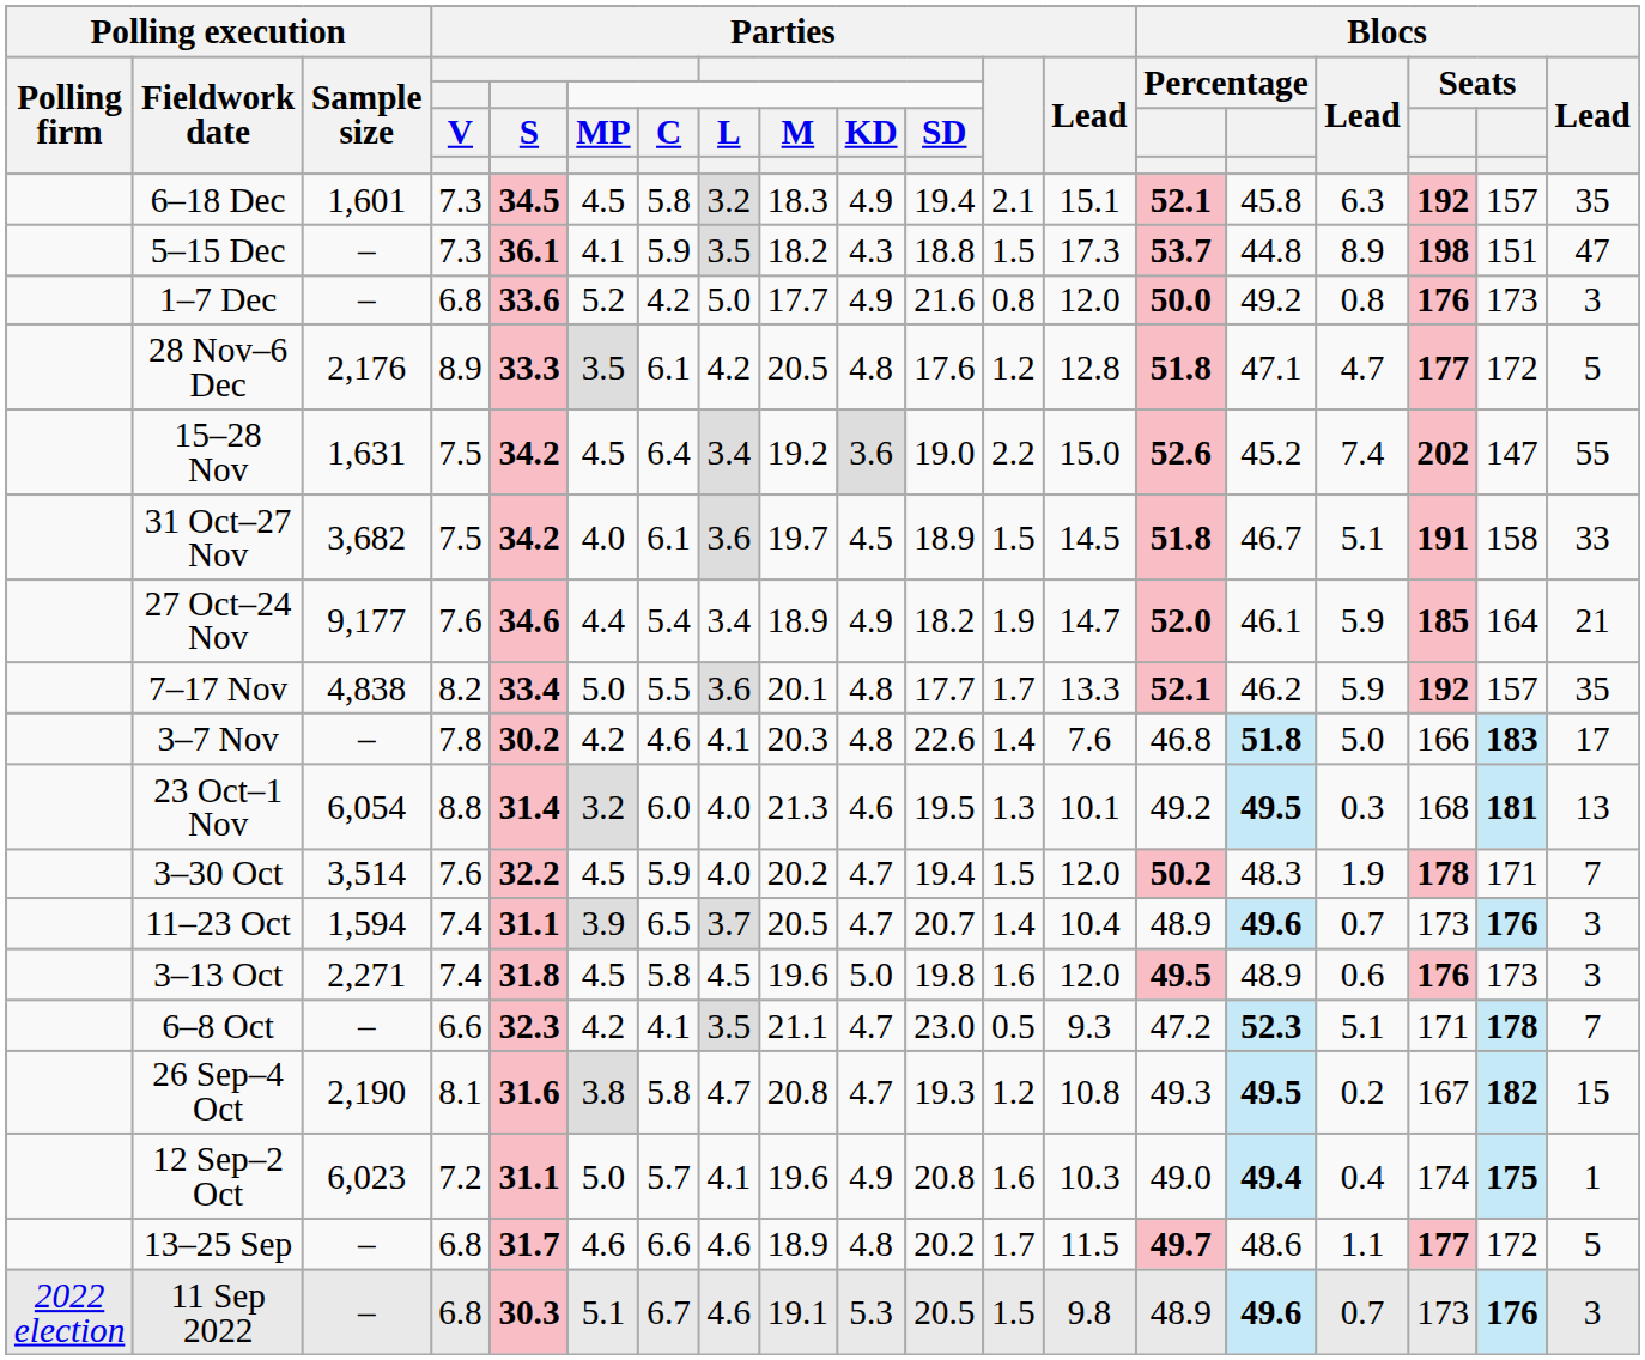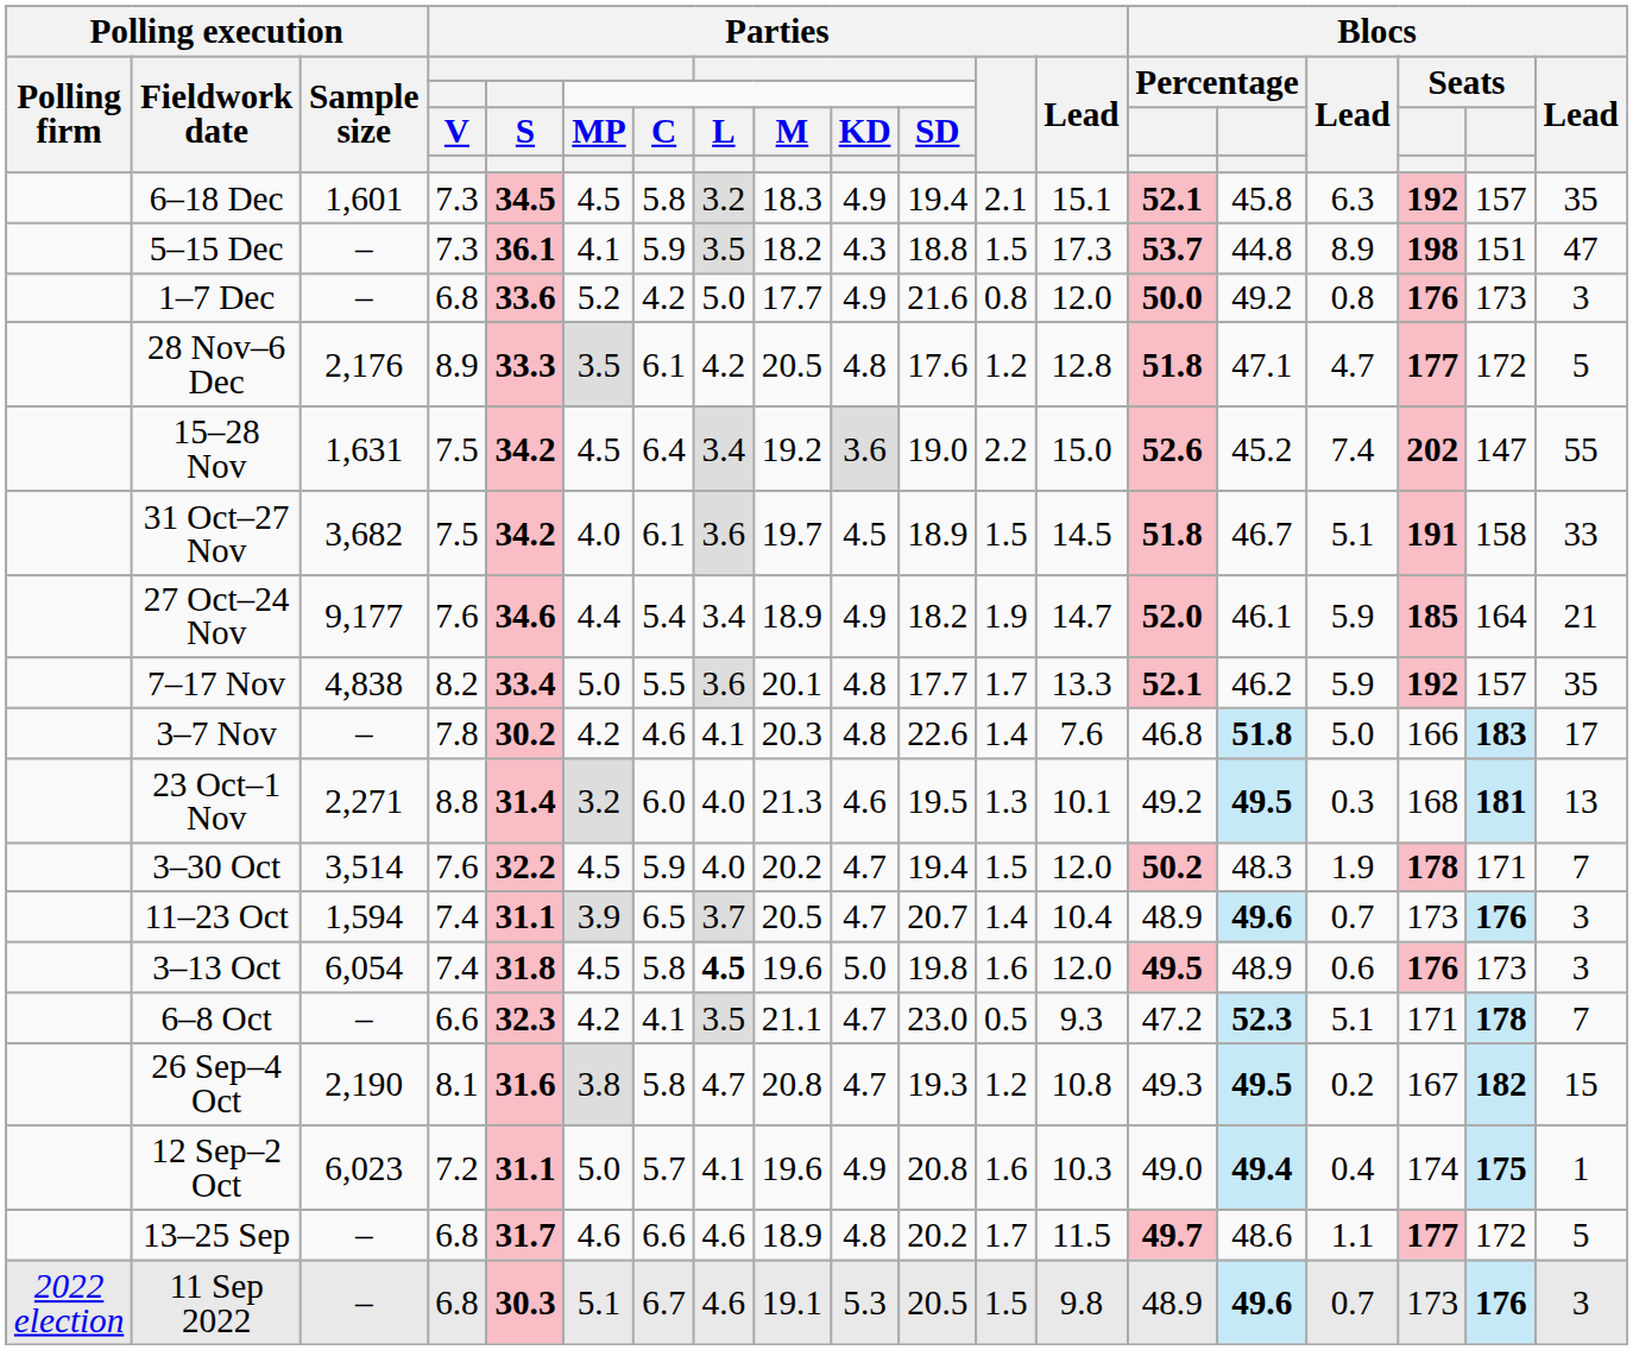 <table class="wikitable sortable" style="text-align:center;font-size:90%;line-height:14px;">
 <tr>
 <th colspan="3">Polling execution</th>
 <th colspan="10">Parties</th>
 <th colspan="6">Blocs</th>
 </tr>
 <tr>
 <th rowspan="4">Polling firm</th>
 <th rowspan="4">Fieldwork date</th>
 <th rowspan="4">Sample size</th>
 <th colspan="4"></th>
 <th colspan="4"></th>
 <th rowspan="4"></th>
 <th rowspan="4">Lead</th>
 <th colspan="2" rowspan="2">Percentage</th>
 <th rowspan="4">Lead</th>
 <th colspan="2" rowspan="2">Seats</th>
 <th rowspan="4">Lead</th>
 </tr>
 <tr>
 <th style="background:"></th>
 <th style="background:"></th>
 </tr>
 <tr>
 <th class="sortable" style="width:40px;"><a href='#'>V</a></th>
 <th class="sortable" style="width:40px;"><a href='#'>S</a></th>
 <th class="sortable" style="width:40px;"><a href='#'>MP</a></th>
 <th class="sortable" style="width:40px;"><a href='#'>C</a></th>
 <th class="sortable" style="width:40px;"><a href='#'>L</a></th>
 <th class="sortable" style="width:40px;"><a href='#'>M</a></th>
 <th class="sortable" style="width:40px;"><a href='#'>KD</a></th>
 <th class="sortable" style="width:40px;"><a href='#'>SD</a></th>
 <th></th>
 <th></th>
 <th></th>
 <th></th>
 </tr>
 <tr>
 <th style="background:"></th>
 <th style="background:"></th>
 <th style="background:"></th>
 <th style="background:"></th>
 <th style="background:"></th>
 <th style="background:"></th>
 <th style="background:"></th>
 <th style="background:"></th>
 <th style="background:"></th>
 <th style="background:"></th>
 <th style="background:"></th>
 <th style="background:"></th>
 </tr>
 <tr>
 <td></td>
 <td>6–18 Dec</td>
 <td>1,601</td>
 <td>7.3</td>
 <td style="background:#F9BDC5;"><strong>34.5</strong></td>
 <td>4.5</td>
 <td>5.8</td>
 <td style="background:#DDDDDD;">3.2</td>
 <td>18.3</td>
 <td>4.9</td>
 <td>19.4</td>
 <td>2.1</td>
 <td style="background:">15.1</td>
 <td style="background:#F9BDC5;"><strong>52.1</strong></td>
 <td>45.8</td>
 <td style="background:">6.3</td>
 <td style="background:#F9BDC5;"><strong>192</strong></td>
 <td>157</td>
 <td style="background:">35</td>
 </tr>
 <tr>
 <td></td>
 <td>5–15 Dec</td>
 <td>–</td>
 <td>7.3</td>
 <td style="background:#F9BDC5;"><strong>36.1</strong></td>
 <td>4.1</td>
 <td>5.9</td>
 <td style="background:#DDDDDD;">3.5</td>
 <td>18.2</td>
 <td>4.3</td>
 <td>18.8</td>
 <td>1.5</td>
 <td style="background:">17.3</td>
 <td style="background:#F9BDC5;"><strong>53.7</strong></td>
 <td>44.8</td>
 <td style="background:">8.9</td>
 <td style="background:#F9BDC5;"><strong>198</strong></td>
 <td>151</td>
 <td style="background:">47</td>
 </tr>
 <tr>
 <td></td>
 <td>1–7 Dec</td>
 <td>–</td>
 <td>6.8</td>
 <td style="background:#F9BDC5;"><strong>33.6</strong></td>
 <td>5.2</td>
 <td>4.2</td>
 <td>5.0</td>
 <td>17.7</td>
 <td>4.9</td>
 <td>21.6</td>
 <td>0.8</td>
 <td style="background:">12.0</td>
 <td style="background:#F9BDC5;"><strong>50.0</strong></td>
 <td>49.2</td>
 <td style="background:">0.8</td>
 <td style="background:#F9BDC5;"><strong>176</strong></td>
 <td>173</td>
 <td style="background:">3</td>
 </tr>
 <tr>
 <td></td>
 <td>28 Nov–6 Dec</td>
 <td>2,176</td>
 <td>8.9</td>
 <td style="background:#F9BDC5;"><strong>33.3</strong></td>
 <td style="background:#DDDDDD;">3.5</td>
 <td>6.1</td>
 <td>4.2</td>
 <td>20.5</td>
 <td>4.8</td>
 <td>17.6</td>
 <td>1.2</td>
 <td style="background:">12.8</td>
 <td style="background:#F9BDC5;"><strong>51.8</strong></td>
 <td>47.1</td>
 <td style="background:">4.7</td>
 <td style="background:#F9BDC5;"><strong>177</strong></td>
 <td>172</td>
 <td style="background:">5</td>
 </tr>
 <tr>
 <td></td>
 <td>15–28 Nov</td>
 <td>1,631</td>
 <td>7.5</td>
 <td style="background:#F9BDC5;"><strong>34.2</strong></td>
 <td>4.5</td>
 <td>6.4</td>
 <td style="background:#DDDDDD;">3.4</td>
 <td>19.2</td>
 <td style="background:#DDDDDD;">3.6</td>
 <td>19.0</td>
 <td>2.2</td>
 <td style="background:">15.0</td>
 <td style="background:#F9BDC5;"><strong>52.6</strong></td>
 <td>45.2</td>
 <td style="background:">7.4</td>
 <td style="background:#F9BDC5;"><strong>202</strong></td>
 <td>147</td>
 <td style="background:">55</td>
 </tr>
 <tr>
 <td></td>
 <td>31 Oct–27 Nov</td>
 <td>3,682</td>
 <td>7.5</td>
 <td style="background:#F9BDC5;"><strong>34.2</strong></td>
 <td>4.0</td>
 <td>6.1</td>
 <td style="background:#DDDDDD;">3.6</td>
 <td>19.7</td>
 <td>4.5</td>
 <td>18.9</td>
 <td>1.5</td>
 <td style="background:">14.5</td>
 <td style="background:#F9BDC5;"><strong>51.8</strong></td>
 <td>46.7</td>
 <td style="background:">5.1</td>
 <td style="background:#F9BDC5;"><strong>191</strong></td>
 <td>158</td>
 <td style="background:">33</td>
 </tr>
 <tr>
 <td></td>
 <td>27 Oct–24 Nov</td>
 <td>9,177</td>
 <td>7.6</td>
 <td style="background:#F9BDC5;"><strong>34.6</strong></td>
 <td>4.4</td>
 <td>5.4</td>
 <td>3.4</td>
 <td>18.9</td>
 <td>4.9</td>
 <td>18.2</td>
 <td>1.9</td>
 <td style="background:">14.7</td>
 <td style="background:#F9BDC5;"><strong>52.0</strong></td>
 <td>46.1</td>
 <td style="background:">5.9</td>
 <td style="background:#F9BDC5;"><strong>185</strong></td>
 <td>164</td>
 <td style="background:">21</td>
 </tr>
 <tr>
 <td></td>
 <td>7–17 Nov</td>
 <td>4,838</td>
 <td>8.2</td>
 <td style="background:#F9BDC5;"><strong>33.4</strong></td>
 <td>5.0</td>
 <td>5.5</td>
 <td style="background:#DDDDDD;">3.6</td>
 <td>20.1</td>
 <td>4.8</td>
 <td>17.7</td>
 <td>1.7</td>
 <td style="background:">13.3</td>
 <td style="background:#F9BDC5;"><strong>52.1</strong></td>
 <td>46.2</td>
 <td style="background:">5.9</td>
 <td style="background:#F9BDC5;"><strong>192</strong></td>
 <td>157</td>
 <td style="background:">35</td>
 </tr>
 <tr>
 <td></td>
 <td>3–7 Nov</td>
 <td>–</td>
 <td>7.8</td>
 <td style="background:#F9BDC5;"><strong>30.2</strong></td>
 <td>4.2</td>
 <td>4.6</td>
 <td>4.1</td>
 <td>20.3</td>
 <td>4.8</td>
 <td>22.6</td>
 <td>1.4</td>
 <td style="background:">7.6</td>
 <td>46.8</td>
 <td style="background:#C6E9F7;"><strong>51.8</strong></td>
 <td style="background:">5.0</td>
 <td>166</td>
 <td style="background:#C6E9F7;"><strong>183</strong></td>
 <td style="background:">17</td>
 </tr>
 <tr>
 <td></td>
 <td>23 Oct–1 Nov</td>
-<td>6,054</td>
+<td>2,271</td>
 <td>8.8</td>
 <td style="background:#F9BDC5;"><strong>31.4</strong></td>
 <td style="background:#DDDDDD;">3.2</td>
 <td>6.0</td>
 <td>4.0</td>
 <td>21.3</td>
 <td>4.6</td>
 <td>19.5</td>
 <td>1.3</td>
 <td style="background:">10.1</td>
 <td>49.2</td>
 <td style="background:#C6E9F7;"><strong>49.5</strong></td>
 <td style="background:">0.3</td>
 <td>168</td>
 <td style="background:#C6E9F7;"><strong>181</strong></td>
 <td style="background:">13</td>
 </tr>
 <tr>
 <td></td>
 <td>3–30 Oct</td>
 <td>3,514</td>
 <td>7.6</td>
 <td style="background:#F9BDC5;"><strong>32.2</strong></td>
 <td>4.5</td>
 <td>5.9</td>
 <td>4.0</td>
 <td>20.2</td>
 <td>4.7</td>
 <td>19.4</td>
 <td>1.5</td>
 <td style="background:">12.0</td>
 <td style="background:#F9BDC5;"><strong>50.2</strong></td>
 <td>48.3</td>
 <td style="background:">1.9</td>
 <td style="background:#F9BDC5;"><strong>178</strong></td>
 <td>171</td>
 <td style="background:">7</td>
 </tr>
 <tr>
 <td></td>
 <td>11–23 Oct</td>
 <td>1,594</td>
 <td>7.4</td>
 <td style="background:#F9BDC5;"><strong>31.1</strong></td>
 <td style="background:#DDDDDD;">3.9</td>
 <td>6.5</td>
 <td style="background:#DDDDDD;">3.7</td>
 <td>20.5</td>
 <td>4.7</td>
 <td>20.7</td>
 <td>1.4</td>
 <td style="background:">10.4</td>
 <td>48.9</td>
 <td style="background:#C6E9F7;"><strong>49.6</strong></td>
 <td style="background:">0.7</td>
 <td>173</td>
 <td style="background:#C6E9F7;"><strong>176</strong></td>
 <td style="background:">3</td>
 </tr>
 <tr>
 <td></td>
 <td>3–13 Oct</td>
-<td>2,271</td>
+<td>6,054</td>
 <td>7.4</td>
 <td style="background:#F9BDC5;"><strong>31.8</strong></td>
 <td>4.5</td>
 <td>5.8</td>
-<td>4.5</td>
+<td><strong>4.5</strong></td>
 <td>19.6</td>
 <td>5.0</td>
 <td>19.8</td>
 <td>1.6</td>
 <td style="background:">12.0</td>
 <td style="background:#F9BDC5;"><strong>49.5</strong></td>
 <td>48.9</td>
 <td style="background:">0.6</td>
 <td style="background:#F9BDC5;"><strong>176</strong></td>
 <td>173</td>
 <td style="background:">3</td>
 </tr>
 <tr>
 <td></td>
 <td>6–8 Oct</td>
 <td>–</td>
 <td>6.6</td>
 <td style="background:#F9BDC5;"><strong>32.3</strong></td>
 <td>4.2</td>
 <td>4.1</td>
 <td style="background:#DDDDDD;">3.5</td>
 <td>21.1</td>
 <td>4.7</td>
 <td>23.0</td>
 <td>0.5</td>
 <td style="background:">9.3</td>
 <td>47.2</td>
 <td style="background:#C6E9F7;"><strong>52.3</strong></td>
 <td style="background:">5.1</td>
 <td>171</td>
 <td style="background:#C6E9F7;"><strong>178</strong></td>
 <td style="background:">7</td>
 </tr>
 <tr>
 <td></td>
 <td>26 Sep–4 Oct</td>
 <td>2,190</td>
 <td>8.1</td>
 <td style="background:#F9BDC5;"><strong>31.6</strong></td>
 <td style="background:#DDDDDD;">3.8</td>
 <td>5.8</td>
 <td>4.7</td>
 <td>20.8</td>
 <td>4.7</td>
 <td>19.3</td>
 <td>1.2</td>
 <td style="background:">10.8</td>
 <td>49.3</td>
 <td style="background:#C6E9F7;"><strong>49.5</strong></td>
 <td style="background:">0.2</td>
 <td>167</td>
 <td style="background:#C6E9F7;"><strong>182</strong></td>
 <td style="background:">15</td>
 </tr>
 <tr>
 <td></td>
 <td>12 Sep–2 Oct</td>
 <td>6,023</td>
 <td>7.2</td>
 <td style="background:#F9BDC5;"><strong>31.1</strong></td>
 <td>5.0</td>
 <td>5.7</td>
 <td>4.1</td>
 <td>19.6</td>
 <td>4.9</td>
 <td>20.8</td>
 <td>1.6</td>
 <td style="background:">10.3</td>
 <td>49.0</td>
 <td style="background:#C6E9F7;"><strong>49.4</strong></td>
 <td style="background:">0.4</td>
 <td>174</td>
 <td style="background:#C6E9F7;"><strong>175</strong></td>
 <td style="background:">1</td>
 </tr>
 <tr>
 <td></td>
 <td>13–25 Sep</td>
 <td>–</td>
 <td>6.8</td>
 <td style="background:#F9BDC5;"><strong>31.7</strong></td>
 <td>4.6</td>
 <td>6.6</td>
 <td>4.6</td>
 <td>18.9</td>
 <td>4.8</td>
 <td>20.2</td>
 <td>1.7</td>
 <td style="background:">11.5</td>
 <td style="background:#F9BDC5;"><strong>49.7</strong></td>
 <td>48.6</td>
 <td style="background:">1.1</td>
 <td style="background:#F9BDC5;"><strong>177</strong></td>
 <td>172</td>
 <td style="background:">5</td>
 </tr>
 <tr style="background:#E9E9E9;">
 <td><em><a href='#'>2022 election</a></em></td>
 <td>11 Sep 2022</td>
 <td>–</td>
 <td>6.8</td>
 <td style="background:#F9BDC5;"><strong>30.3</strong></td>
 <td>5.1</td>
 <td>6.7</td>
 <td>4.6</td>
 <td>19.1</td>
 <td>5.3</td>
 <td>20.5</td>
 <td>1.5</td>
 <td style="background:">9.8</td>
 <td>48.9</td>
 <td style="background:#C6E9F7;"><strong>49.6</strong></td>
 <td style="background:">0.7</td>
 <td>173</td>
 <td style="background:#C6E9F7;"><strong>176</strong></td>
 <td style="background:">3</td>
 </tr>
 <tr>
 </tr>
 </table>
